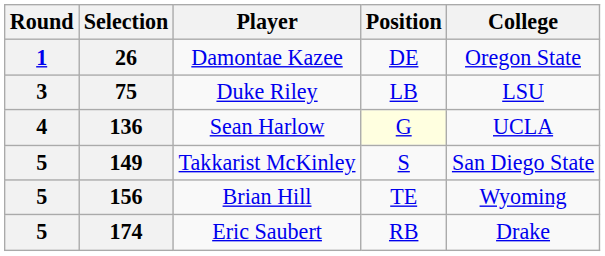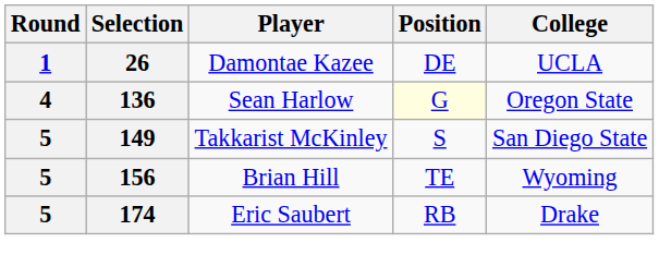 <table class="wikitable" style="text-align:center">
 <tr>
 <th>Round</th>
 <th>Selection</th>
 <th>Player</th>
 <th>Position</th>
 <th>College</th>
 </tr>
 <tr>
 <th><a href='#'>1</a></th>
 <th>26</th>
 <td><a href='#'>Damontae Kazee</a></td>
 <td><a href='#'>DE</a></td>
-<td><a href='#'>Oregon State</a></td>
-</tr>
-<tr>
-<th>3</th>
-<th>75</th>
-<td><a href='#'>Duke Riley</a></td>
-<td><a href='#'>LB</a></td>
-<td><a href='#'>LSU</a></td>
+<td><a href='#'>UCLA</a></td>
 </tr>
 <tr>
 <th>4</th>
 <th>136</th>
 <td><a href='#'>Sean Harlow</a></td>
 <td style="background: lightyellow;"><a href='#'>G</a></td>
-<td><a href='#'>UCLA</a></td>
+<td><a href='#'>Oregon State</a></td>
 </tr>
 <tr>
 <th>5</th>
 <th>149</th>
 <td><a href='#'>Takkarist McKinley</a></td>
 <td><a href='#'>S</a></td>
 <td><a href='#'>San Diego State</a></td>
 </tr>
 <tr>
 <th>5</th>
 <th>156</th>
 <td><a href='#'>Brian Hill</a></td>
 <td><a href='#'>TE</a></td>
 <td><a href='#'>Wyoming</a></td>
 </tr>
 <tr>
 <th>5</th>
 <th>174</th>
 <td><a href='#'>Eric Saubert</a></td>
 <td><a href='#'>RB</a></td>
 <td><a href='#'>Drake</a></td>
 </tr>
 </table>
